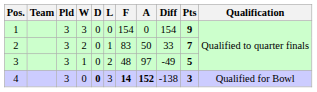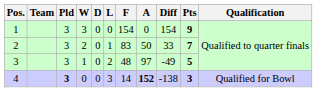 <table class="wikitable" style="text-align:center;">
 <tr>
 <th>Pos.</th>
 <th>Team</th>
 <th>Pld</th>
 <th>W</th>
 <th>D</th>
 <th>L</th>
 <th>F</th>
 <th>A</th>
 <th>Diff</th>
 <th>Pts</th>
 <th>Qualification</th>
 </tr>
 <tr bgcolor="ccffcc">
 <td>1</td>
 <td align=left></td>
 <td>3</td>
 <td>3</td>
 <td>0</td>
 <td>0</td>
 <td>154</td>
 <td>0</td>
 <td>154</td>
 <td><strong>9</strong></td>
 <td rowspan="3">Qualified to quarter finals</td>
 </tr>
 <tr bgcolor="ccffcc">
 <td>2</td>
 <td align=left></td>
 <td>3</td>
 <td>2</td>
 <td>0</td>
 <td>1</td>
 <td>83</td>
 <td>50</td>
 <td>33</td>
 <td><strong>7</strong></td>
 </tr>
 <tr bgcolor="ccffcc">
 <td>3</td>
 <td align=left></td>
 <td>3</td>
 <td>1</td>
 <td>0</td>
 <td>2</td>
 <td>48</td>
 <td>97</td>
 <td>-49</td>
 <td><strong>5</strong></td>
 </tr>
 <tr bgcolor="ccccff">
 <td>4</td>
 <td align=left></td>
+<td><strong>3</strong></td>
+<td>0</td>
+<td>0</td>
 <td>3</td>
-<td>0</td>
-<td><strong>0</strong></td>
-<td>3</td>
-<td><strong>14</strong></td>
+<td>14</td>
 <td><strong>152</strong></td>
 <td>-138</td>
 <td><strong>3</strong></td>
 <td rowspan="1">Qualified for Bowl</td>
 </tr>
 </table>
